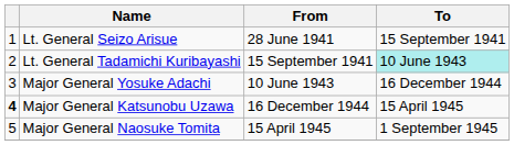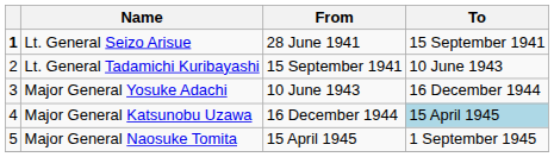 <table class=wikitable>
 <tr>
 <th></th>
 <th>Name</th>
 <th>From</th>
 <th>To</th>
 </tr>
 <tr>
-<td>1</td>
+<td><strong>1</strong></td>
 <td>Lt. General <a href='#'>Seizo Arisue</a></td>
 <td>28 June 1941</td>
 <td>15 September 1941</td>
 </tr>
 <tr>
 <td>2</td>
 <td>Lt. General <a href='#'>Tadamichi Kuribayashi</a></td>
 <td>15 September 1941</td>
-<td style="background: paleturquoise;">10 June 1943</td>
+<td>10 June 1943</td>
 </tr>
 <tr>
 <td>3</td>
 <td>Major General <a href='#'>Yosuke Adachi</a></td>
 <td>10 June 1943</td>
 <td>16 December 1944</td>
 </tr>
 <tr>
-<td><strong>4</strong></td>
+<td>4</td>
 <td>Major General <a href='#'>Katsunobu Uzawa</a></td>
 <td>16 December 1944</td>
-<td>15 April 1945</td>
+<td style="background: lightblue;">15 April 1945</td>
 </tr>
 <tr>
 <td>5</td>
 <td>Major General <a href='#'>Naosuke Tomita</a></td>
 <td>15 April 1945</td>
 <td>1 September 1945</td>
 </tr>
 <tr>
 </tr>
 </table>
